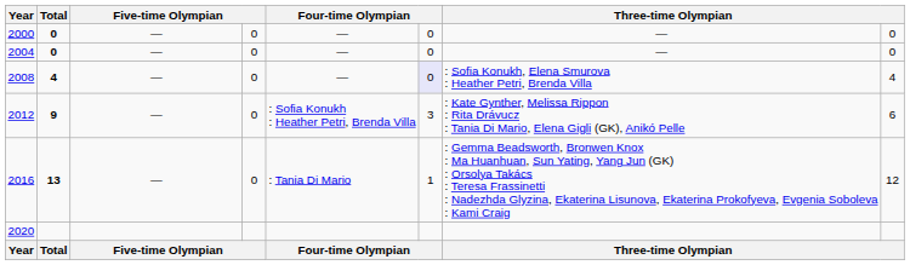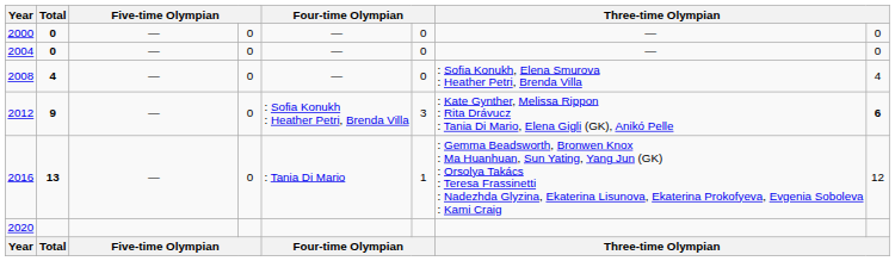 <table class="wikitable" style="text-align: center; font-size: 85%; margin-left: 1em;">
 <tr>
 <th>Year</th>
 <th>Total</th>
 <th colspan="2" style="width: 16em;">Five-time Olympian</th>
 <th colspan="2">Four-time Olympian</th>
 <th colspan="2">Three-time Olympian</th>
 </tr>
 <tr>
 <td><a href='#'>2000</a></td>
 <td><strong>0</strong></td>
 <td>—</td>
 <td style="width: 1.5em;">0</td>
 <td>—</td>
 <td style="width: 1.5em;">0</td>
 <td>—</td>
 <td style="width: 1.5em;">0</td>
 </tr>
 <tr>
 <td><a href='#'>2004</a></td>
 <td><strong>0</strong></td>
 <td>—</td>
 <td>0</td>
 <td>—</td>
 <td>0</td>
 <td>—</td>
 <td>0</td>
 </tr>
 <tr>
 <td><a href='#'>2008</a></td>
 <td><strong>4</strong></td>
 <td>—</td>
 <td>0</td>
 <td>—</td>
-<td style="background: lavender;">0</td>
+<td>0</td>
 <td style="text-align: left;">: <a href='#'>Sofia Konukh</a>, <a href='#'>Elena Smurova</a><br>: <a href='#'>Heather Petri</a>, <a href='#'>Brenda Villa</a></td>
 <td>4</td>
 </tr>
 <tr>
 <td><a href='#'>2012</a></td>
 <td><strong>9</strong></td>
 <td>—</td>
 <td>0</td>
 <td style="text-align: left;">: <a href='#'>Sofia Konukh</a><br>: <a href='#'>Heather Petri</a>, <a href='#'>Brenda Villa</a></td>
 <td>3</td>
 <td style="text-align: left;">: <a href='#'>Kate Gynther</a>, <a href='#'>Melissa Rippon</a><br>: <a href='#'>Rita Drávucz</a><br>: <a href='#'>Tania Di Mario</a>, <a href='#'>Elena Gigli</a> (GK), <a href='#'>Anikó Pelle</a></td>
-<td>6</td>
+<td><strong>6</strong></td>
 </tr>
 <tr>
 <td><a href='#'>2016</a></td>
 <td><strong>13</strong></td>
 <td>—</td>
 <td>0</td>
 <td style="text-align: left;">: <a href='#'>Tania Di Mario</a></td>
 <td>1</td>
 <td style="text-align: left;">: <a href='#'>Gemma Beadsworth</a>, <a href='#'>Bronwen Knox</a><br>: <a href='#'>Ma Huanhuan</a>, <a href='#'>Sun Yating</a>, <a href='#'>Yang Jun</a> (GK)<br>: <a href='#'>Orsolya Takács</a><br>: <a href='#'>Teresa Frassinetti</a><br>: <a href='#'>Nadezhda Glyzina</a>, <a href='#'>Ekaterina Lisunova</a>, <a href='#'>Ekaterina Prokofyeva</a>, <a href='#'>Evgenia Soboleva</a><br>: <a href='#'>Kami Craig</a></td>
 <td>12</td>
 </tr>
 <tr>
 <td><a href='#'>2020</a></td>
 <td></td>
 <td></td>
 <td></td>
 <td></td>
 <td></td>
 <td></td>
 <td></td>
 </tr>
 <tr>
 <th>Year</th>
 <th>Total</th>
 <th colspan="2" style="width: 16em;">Five-time Olympian</th>
 <th colspan="2">Four-time Olympian</th>
 <th colspan="2">Three-time Olympian</th>
 </tr>
 </table>
